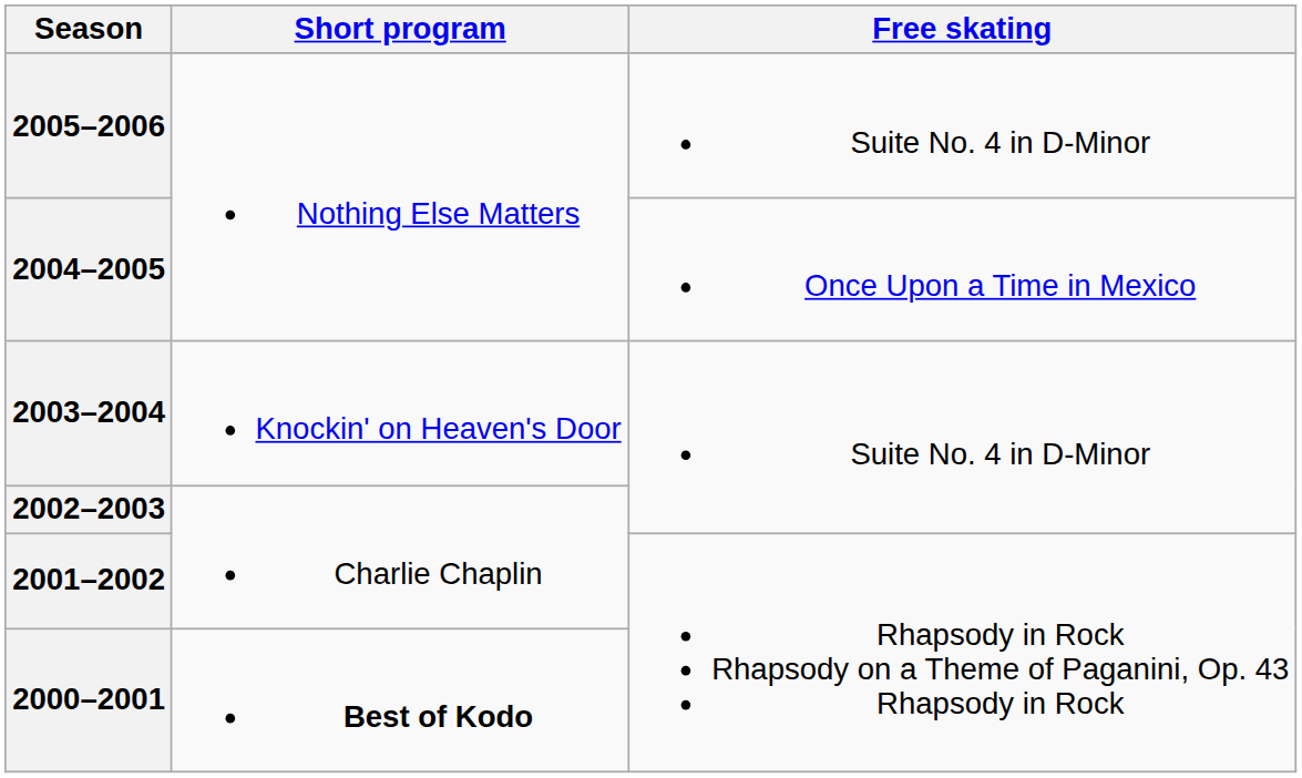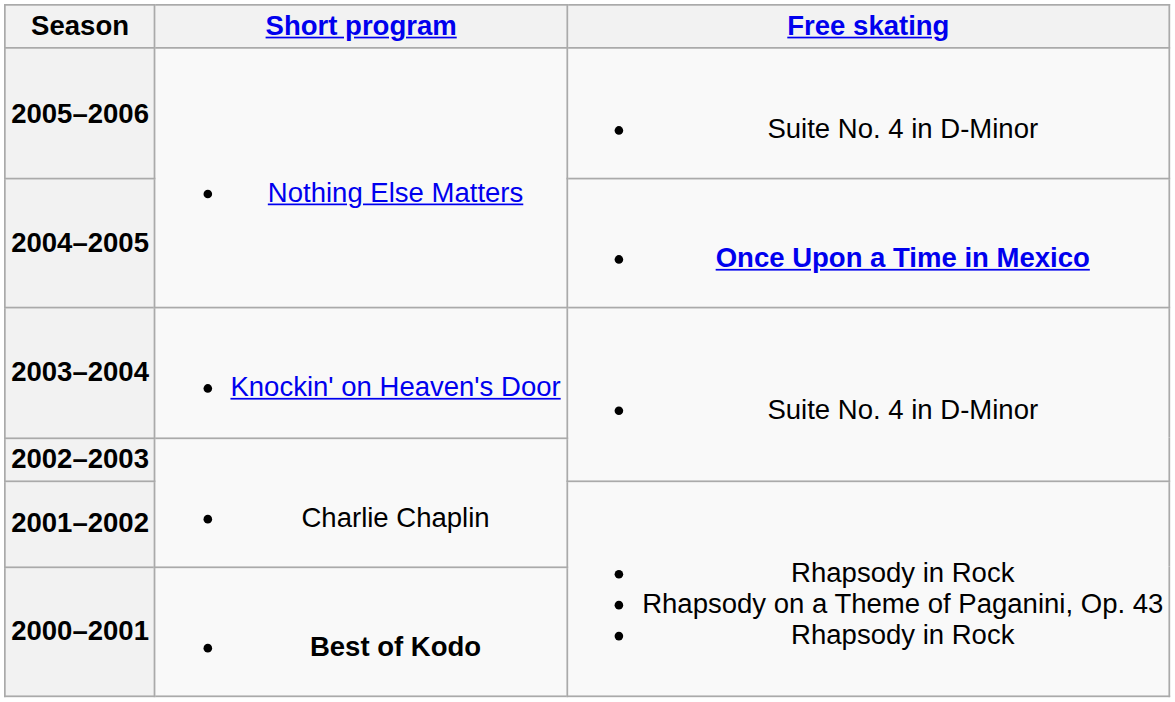 <table class=wikitable style=text-align:center>
 <tr>
 <th>Season</th>
 <th><a href='#'>Short program</a></th>
 <th><a href='#'>Free skating</a></th>
 </tr>
 <tr>
 <th>2005–2006 <br> </th>
 <td rowspan="2"><br><ul><li><a href='#'>Nothing Else Matters</a> <br></li></ul></td>
 <td><br><ul><li>Suite No. 4 in D-Minor <br></li></ul></td>
 </tr>
 <tr>
 <th>2004–2005 <br> </th>
-<td><br><ul><li><a href='#'>Once Upon a Time in Mexico</a> <br></li></ul></td>
+<td><strong><br><ul><li><a href='#'>Once Upon a Time in Mexico</a> <br></li></ul></strong></td>
 </tr>
 <tr>
 <th>2003–2004 <br> </th>
 <td><br><ul><li><a href='#'>Knockin' on Heaven's Door</a> <br></li></ul></td>
 <td rowspan="2"><br><ul><li>Suite No. 4 in D-Minor <br></li></ul></td>
 </tr>
 <tr>
 <th>2002–2003 <br> </th>
 <td rowspan="2"><br><ul><li>Charlie Chaplin <br></li></ul></td>
 </tr>
 <tr>
 <th>2001–2002 <br> </th>
 <td rowspan="2"><br><ul><li>Rhapsody in Rock <br></li><li>Rhapsody on a Theme of Paganini, Op. 43 <br></li><li>Rhapsody in Rock <br></li></ul></td>
 </tr>
 <tr>
 <th>2000–2001 <br> </th>
 <td><strong><br><ul><li>Best of Kodo <br></li></ul></strong></td>
 </tr>
 </table>
